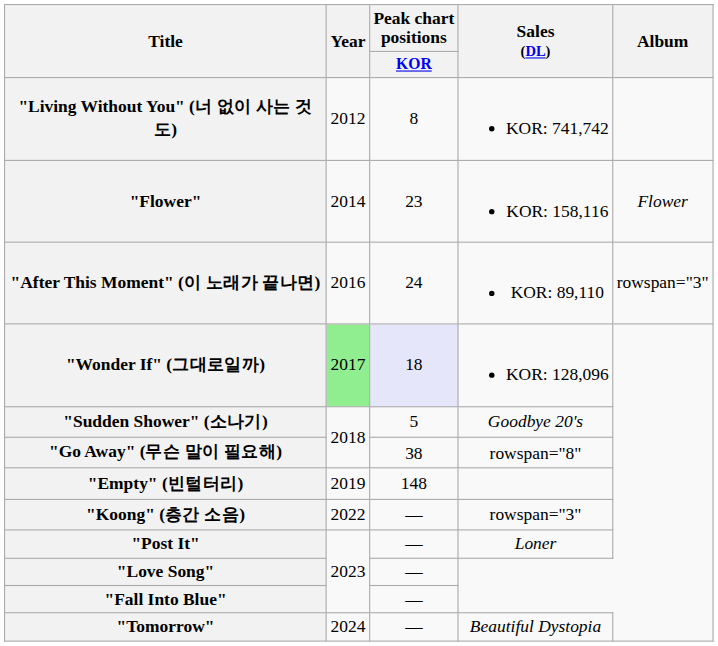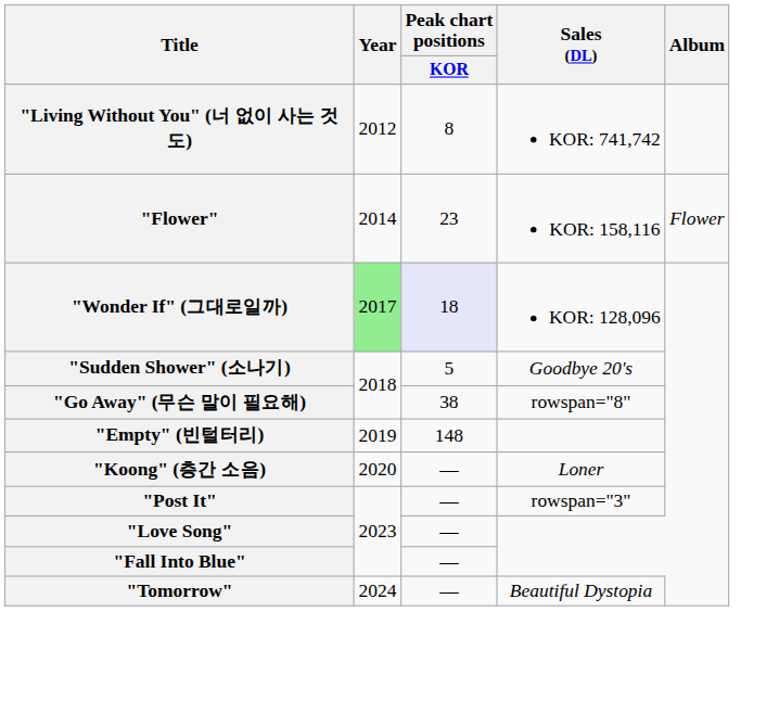 <table class="wikitable plainrowheaders" style="text-align:center;">
 <tr>
 <th rowspan="2" style="width:18em;">Title</th>
 <th rowspan="2">Year</th>
 <th colspan="1">Peak chart <br> positions</th>
 <th rowspan="2">Sales <br> <small>(<a href='#'>DL</a>)</small></th>
 <th rowspan="2">Album</th>
 </tr>
 <tr>
 <th style="width=3em;font-size:90%"><a href='#'>KOR</a><br></th>
 </tr>
 <tr>
 <th scope="row">"Living Without You" (너 없이 사는 것도)</th>
 <td>2012</td>
 <td>8</td>
 <td><br><ul><li>KOR: 741,742</li></ul></td>
 <td></td>
 </tr>
 <tr>
 <th scope="row">"Flower"</th>
 <td>2014</td>
 <td>23</td>
 <td><br><ul><li>KOR: 158,116</li></ul></td>
 <td><em>Flower</em></td>
 </tr>
 <tr>
-<th scope="row">"After This Moment" (이 노래가 끝나면) </th>
-<td>2016</td>
-<td>24</td>
-<td><br><ul><li>KOR: 89,110</li></ul></td>
-<td>rowspan="3" </td>
-</tr>
-<tr>
 <th scope="row">"Wonder If" (그대로일까) </th>
 <td style="background: lightgreen;">2017</td>
 <td style="background: lavender;">18</td>
 <td><br><ul><li>KOR: 128,096</li></ul></td>
 </tr>
 <tr>
 <th scope="row">"Sudden Shower" (소나기) </th>
 <td rowspan="2">2018</td>
 <td>5</td>
 <td><em>Goodbye 20's</em></td>
 </tr>
 <tr>
 <th scope="row">"Go Away" (무슨 말이 필요해)</th>
 <td>38</td>
 <td>rowspan="8" </td>
 </tr>
 <tr>
 <th scope="row">"Empty" (빈털터리) </th>
 <td>2019</td>
 <td>148</td>
 <td></td>
 </tr>
 <tr>
 <th scope="row">"Koong" (층간 소음)</th>
-<td>2022</td>
+<td>2020</td>
 <td>—</td>
-<td>rowspan="3" </td>
+<td><em>Loner</em></td>
 </tr>
 <tr>
 <th scope="row">"Post It" </th>
 <td rowspan="3">2023</td>
 <td>—</td>
-<td><em>Loner</em></td>
+<td>rowspan="3" </td>
 </tr>
 <tr>
 <th scope="row">"Love Song"</th>
 <td>—</td>
 </tr>
 <tr>
 <th scope="row">"Fall Into Blue"</th>
 <td>—</td>
 </tr>
 <tr>
 <th scope="row">"Tomorrow"</th>
 <td>2024</td>
 <td>—</td>
 <td><em>Beautiful Dystopia</em></td>
 </tr>
 </table>
